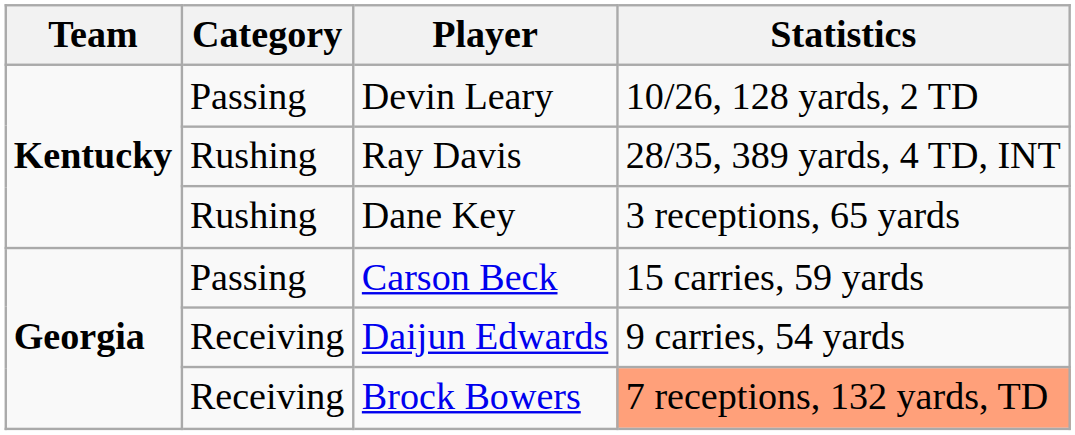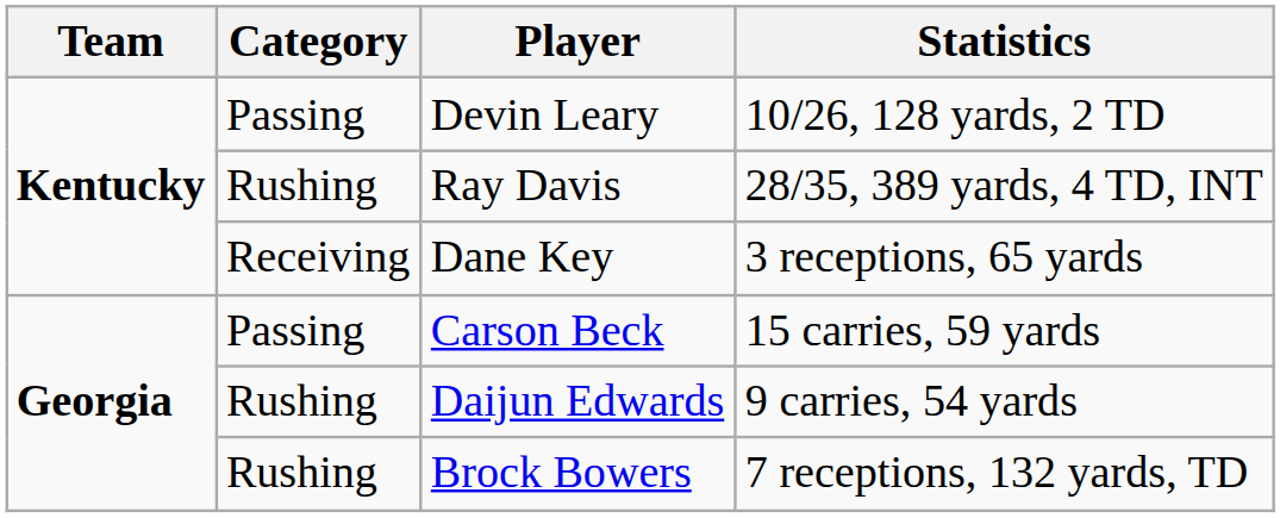 <table class="wikitable" style="float: right;">
 <tr>
 <th>Team</th>
 <th>Category</th>
 <th>Player</th>
 <th>Statistics</th>
 </tr>
 <tr>
 <td rowspan=3><strong>Kentucky</strong></td>
 <td>Passing</td>
 <td>Devin Leary</td>
 <td>10/26, 128 yards, 2 TD</td>
 </tr>
 <tr>
 <td>Rushing</td>
 <td>Ray Davis</td>
 <td>28/35, 389 yards, 4 TD, INT</td>
 </tr>
 <tr>
-<td>Rushing</td>
+<td>Receiving</td>
 <td>Dane Key</td>
 <td>3 receptions, 65 yards</td>
 </tr>
 <tr>
 <td rowspan=3><strong>Georgia</strong></td>
 <td>Passing</td>
 <td><a href='#'>Carson Beck</a></td>
 <td>15 carries, 59 yards</td>
 </tr>
 <tr>
-<td>Receiving</td>
+<td>Rushing</td>
 <td><a href='#'>Daijun Edwards</a></td>
 <td>9 carries, 54 yards</td>
 </tr>
 <tr>
-<td>Receiving</td>
+<td>Rushing</td>
 <td><a href='#'>Brock Bowers</a></td>
-<td style="background: lightsalmon;">7 receptions, 132 yards, TD</td>
+<td>7 receptions, 132 yards, TD</td>
 </tr>
 </table>
